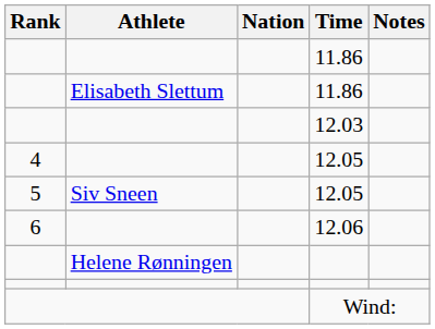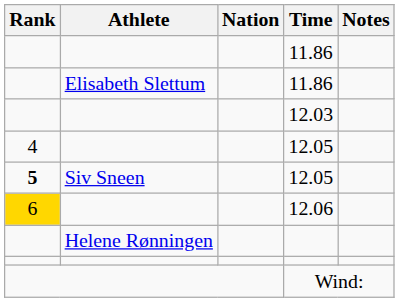 <table class="wikitable sortable" style="text-align:center;">
 <tr>
 <th scope="col" style="width: 10px;">Rank</th>
 <th scope="col">Athlete</th>
 <th scope="col">Nation</th>
 <th scope="col">Time</th>
 <th scope="col">Notes</th>
 </tr>
 <tr>
 <td></td>
 <td align=left></td>
 <td align=left></td>
 <td>11.86</td>
 <td></td>
 </tr>
 <tr>
 <td></td>
 <td align=left><a href='#'>Elisabeth Slettum</a></td>
 <td align=left></td>
 <td>11.86</td>
 <td></td>
 </tr>
 <tr>
 <td></td>
 <td align=left></td>
 <td align=left></td>
 <td>12.03</td>
 <td></td>
 </tr>
 <tr>
 <td>4</td>
 <td align=left></td>
 <td align=left></td>
 <td>12.05</td>
 <td></td>
 </tr>
 <tr>
-<td>5</td>
+<td><strong>5</strong></td>
 <td align=left><a href='#'>Siv Sneen</a></td>
 <td align=left></td>
 <td>12.05</td>
 <td></td>
 </tr>
 <tr>
-<td>6</td>
+<td style="background: gold;">6</td>
 <td align=left></td>
 <td align=left></td>
 <td>12.06</td>
 <td></td>
 </tr>
 <tr>
 <td></td>
 <td align=left><a href='#'>Helene Rønningen</a></td>
 <td align=left></td>
 <td></td>
 <td></td>
 </tr>
 <tr>
 <td></td>
 <td align=left></td>
 <td align=left></td>
 <td></td>
 <td></td>
 </tr>
 <tr class="sortbottom">
 <td colspan="3"></td>
 <td colspan="2">Wind: </td>
 </tr>
 </table>
